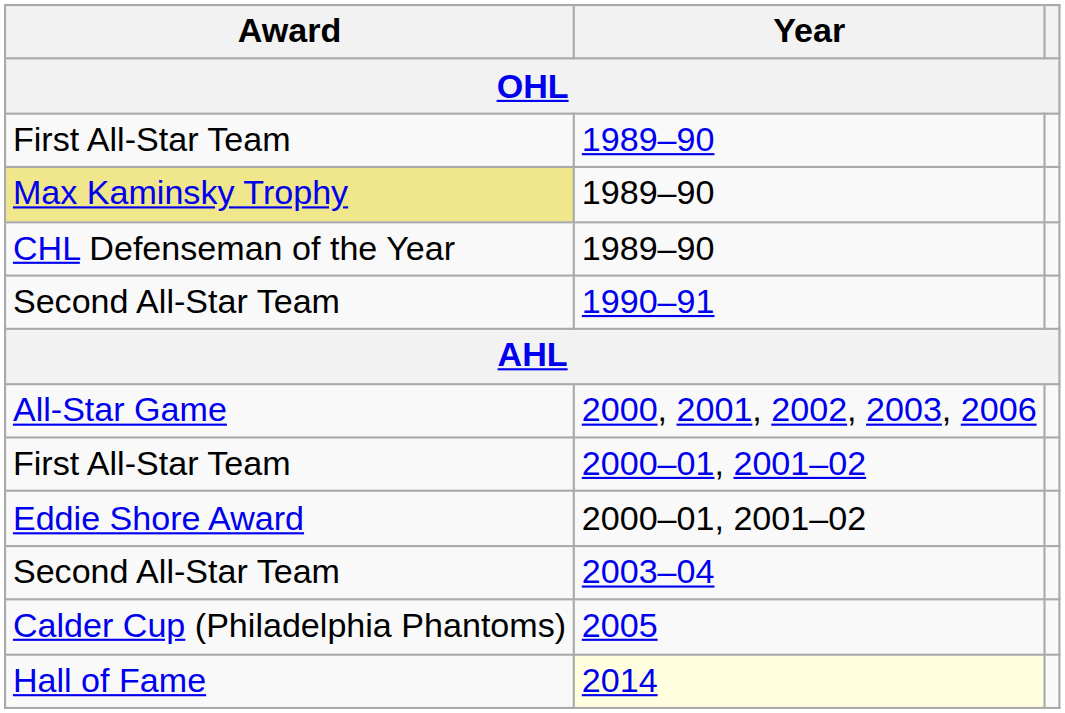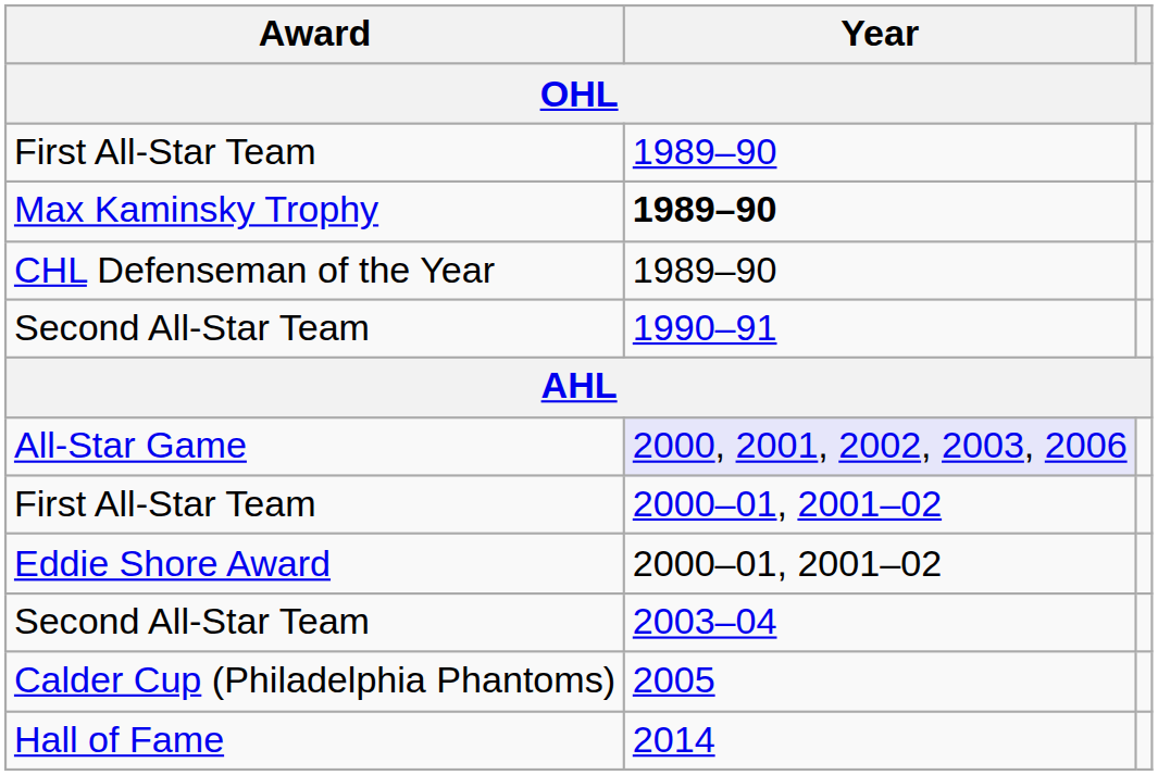 <table class="wikitable">
 <tr>
 <th>Award</th>
 <th>Year</th>
 <th></th>
 </tr>
 <tr ALIGN="center" bgcolor="#e0e0e0">
 <th colspan="3"><a href='#'>OHL</a></th>
 </tr>
 <tr>
 <td>First All-Star Team</td>
 <td><a href='#'>1989–90</a></td>
 <td></td>
 </tr>
 <tr>
-<td style="background: khaki;"><a href='#'>Max Kaminsky Trophy</a></td>
-<td>1989–90</td>
+<td><a href='#'>Max Kaminsky Trophy</a></td>
+<td><strong>1989–90</strong></td>
 <td></td>
 </tr>
 <tr>
 <td><a href='#'>CHL</a> Defenseman of the Year</td>
 <td>1989–90</td>
 <td></td>
 </tr>
 <tr>
 <td>Second All-Star Team</td>
 <td><a href='#'>1990–91</a></td>
 <td></td>
 </tr>
 <tr ALIGN="center" bgcolor="#e0e0e0">
 <th colspan="3"><a href='#'>AHL</a></th>
 </tr>
 <tr>
 <td><a href='#'>All-Star Game</a></td>
-<td><a href='#'>2000</a>, <a href='#'>2001</a>, <a href='#'>2002</a>, <a href='#'>2003</a>, <a href='#'>2006</a></td>
+<td style="background: lavender;"><a href='#'>2000</a>, <a href='#'>2001</a>, <a href='#'>2002</a>, <a href='#'>2003</a>, <a href='#'>2006</a></td>
 <td></td>
 </tr>
 <tr>
 <td>First All-Star Team</td>
 <td><a href='#'>2000–01</a>, <a href='#'>2001–02</a></td>
 <td></td>
 </tr>
 <tr>
 <td><a href='#'>Eddie Shore Award</a></td>
 <td>2000–01, 2001–02</td>
 <td></td>
 </tr>
 <tr>
 <td>Second All-Star Team</td>
 <td><a href='#'>2003–04</a></td>
 <td></td>
 </tr>
 <tr>
 <td><a href='#'>Calder Cup</a> (Philadelphia Phantoms)</td>
 <td><a href='#'>2005</a></td>
 <td></td>
 </tr>
 <tr>
 <td><a href='#'>Hall of Fame</a></td>
-<td style="background: lightyellow;"><a href='#'>2014</a></td>
+<td><a href='#'>2014</a></td>
 <td></td>
 </tr>
 </table>
